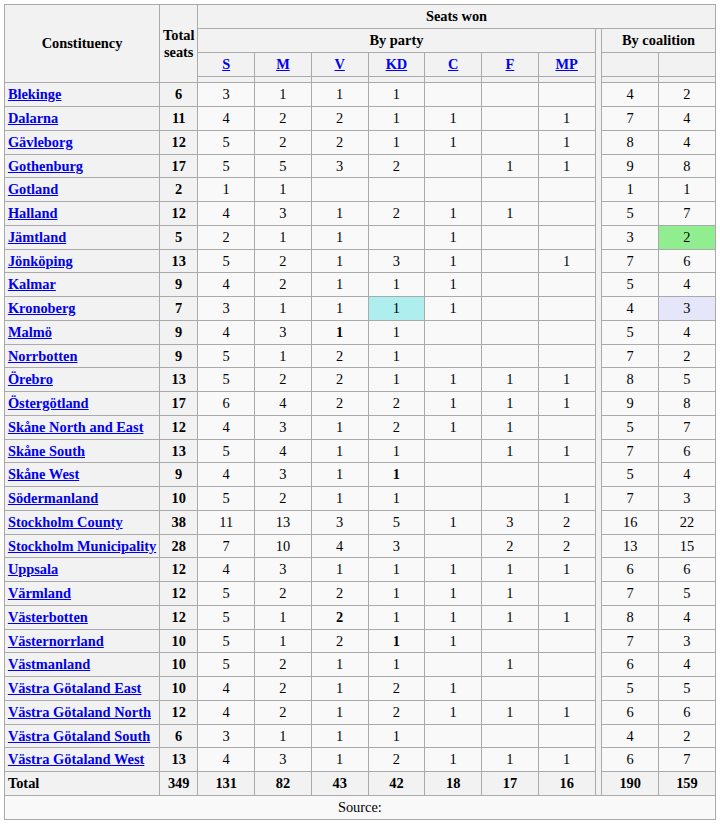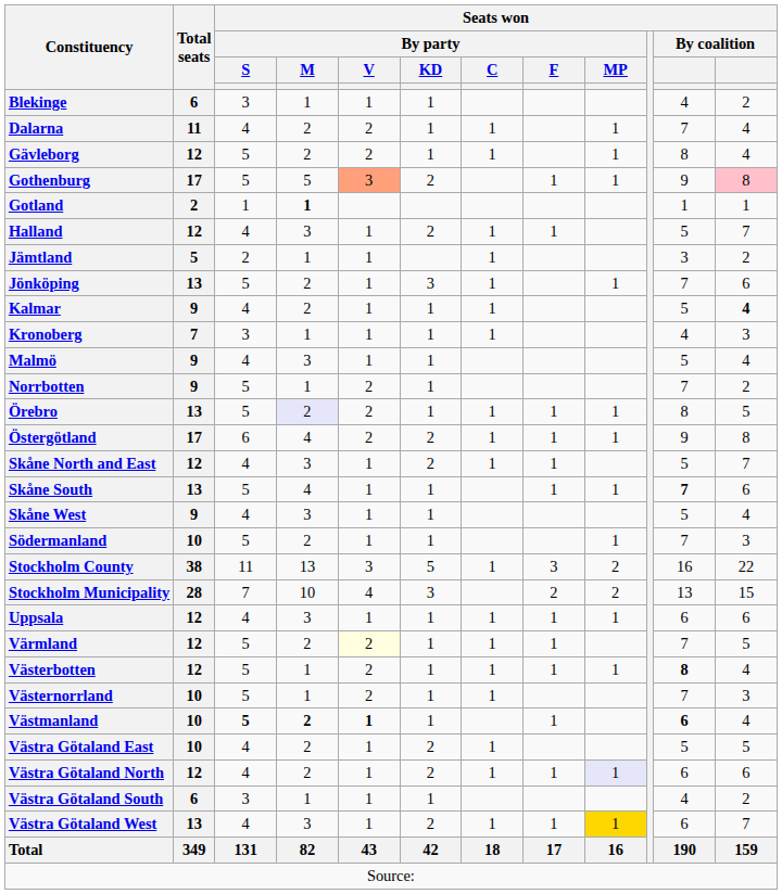 <table class="wikitable" style="text-align:center; font-size: 0.9em;">
 <tr>
 <th rowspan="4">Constituency</th>
 <th rowspan="4">Total<br>seats</th>
 <th colspan="10">Seats won</th>
 </tr>
 <tr>
 <th colspan="7">By party</th>
 <th rowspan="33"></th>
 <th colspan="2">By coalition</th>
 </tr>
 <tr>
 <th class="unsortable" style="width:50px;"><a href='#'>S</a></th>
 <th class="unsortable" style="width:50px;"><a href='#'>M</a></th>
 <th class="unsortable" style="width:50px;"><a href='#'>V</a></th>
 <th class="unsortable" style="width:50px;"><a href='#'>KD</a></th>
 <th class="unsortable" style="width:50px;"><a href='#'>C</a></th>
 <th class="unsortable" style="width:50px;"><a href='#'>F</a></th>
 <th class="unsortable" style="width:50px;"><a href='#'>MP</a></th>
 <th class="unsortable" style="width:50px;"></th>
 <th class="unsortable" style="width:50px;"></th>
 </tr>
 <tr>
 <th style="background:"></th>
 <th style="background:"></th>
 <th style="background:"></th>
 <th style="background:"></th>
 <th style="background:"></th>
 <th style="background:"></th>
 <th style="background:"></th>
 <th style="background:"></th>
 <th style="background:"></th>
 </tr>
 <tr>
 <th style="text-align: left;"><a href='#'>Blekinge</a></th>
 <th>6</th>
 <td>3</td>
 <td>1</td>
 <td>1</td>
 <td>1</td>
 <td></td>
 <td></td>
 <td></td>
 <td>4</td>
 <td>2</td>
 </tr>
 <tr>
 <th style="text-align: left;"><a href='#'>Dalarna</a></th>
 <th>11</th>
 <td>4</td>
 <td>2</td>
 <td>2</td>
 <td>1</td>
 <td>1</td>
 <td></td>
 <td>1</td>
 <td>7</td>
 <td>4</td>
 </tr>
 <tr>
 <th style="text-align: left;"><a href='#'>Gävleborg</a></th>
 <th>12</th>
 <td>5</td>
 <td>2</td>
 <td>2</td>
 <td>1</td>
 <td>1</td>
 <td></td>
 <td>1</td>
 <td>8</td>
 <td>4</td>
 </tr>
 <tr>
 <th style="text-align: left;"><a href='#'>Gothenburg</a></th>
 <th>17</th>
 <td>5</td>
 <td>5</td>
-<td>3</td>
+<td style="background: lightsalmon;">3</td>
 <td>2</td>
 <td></td>
 <td>1</td>
 <td>1</td>
 <td>9</td>
-<td>8</td>
+<td style="background: pink;">8</td>
 </tr>
 <tr>
 <th style="text-align: left;"><a href='#'>Gotland</a></th>
 <th>2</th>
 <td>1</td>
-<td>1</td>
+<td><strong>1</strong></td>
 <td></td>
 <td></td>
 <td></td>
 <td></td>
 <td></td>
 <td>1</td>
 <td>1</td>
 </tr>
 <tr>
 <th style="text-align: left;"><a href='#'>Halland</a></th>
 <th>12</th>
 <td>4</td>
 <td>3</td>
 <td>1</td>
 <td>2</td>
 <td>1</td>
 <td>1</td>
 <td></td>
 <td>5</td>
 <td>7</td>
 </tr>
 <tr>
 <th style="text-align: left;"><a href='#'>Jämtland</a></th>
 <th>5</th>
 <td>2</td>
 <td>1</td>
 <td>1</td>
 <td></td>
 <td>1</td>
 <td></td>
 <td></td>
 <td>3</td>
-<td style="background: lightgreen;">2</td>
+<td>2</td>
 </tr>
 <tr>
 <th style="text-align: left;"><a href='#'>Jönköping</a></th>
 <th>13</th>
 <td>5</td>
 <td>2</td>
 <td>1</td>
 <td>3</td>
 <td>1</td>
 <td></td>
 <td>1</td>
 <td>7</td>
 <td>6</td>
 </tr>
 <tr>
 <th style="text-align: left;"><a href='#'>Kalmar</a></th>
 <th>9</th>
 <td>4</td>
 <td>2</td>
 <td>1</td>
 <td>1</td>
 <td>1</td>
 <td></td>
 <td></td>
 <td>5</td>
-<td>4</td>
+<td><strong>4</strong></td>
 </tr>
 <tr>
 <th style="text-align: left;"><a href='#'>Kronoberg</a></th>
 <th>7</th>
 <td>3</td>
 <td>1</td>
 <td>1</td>
-<td style="background: paleturquoise;">1</td>
+<td>1</td>
 <td>1</td>
 <td></td>
 <td></td>
 <td>4</td>
-<td style="background: lavender;">3</td>
+<td>3</td>
 </tr>
 <tr>
 <th style="text-align: left;"><a href='#'>Malmö</a></th>
 <th>9</th>
 <td>4</td>
 <td>3</td>
-<td><strong>1</strong></td>
+<td>1</td>
 <td>1</td>
 <td></td>
 <td></td>
 <td></td>
 <td>5</td>
 <td>4</td>
 </tr>
 <tr>
 <th style="text-align: left;"><a href='#'>Norrbotten</a></th>
 <th>9</th>
 <td>5</td>
 <td>1</td>
 <td>2</td>
 <td>1</td>
 <td></td>
 <td></td>
 <td></td>
 <td>7</td>
 <td>2</td>
 </tr>
 <tr>
 <th style="text-align: left;"><a href='#'>Örebro</a></th>
 <th>13</th>
 <td>5</td>
-<td>2</td>
+<td style="background: lavender;">2</td>
 <td>2</td>
 <td>1</td>
 <td>1</td>
 <td>1</td>
 <td>1</td>
 <td>8</td>
 <td>5</td>
 </tr>
 <tr>
 <th style="text-align: left;"><a href='#'>Östergötland</a></th>
 <th>17</th>
 <td>6</td>
 <td>4</td>
 <td>2</td>
 <td>2</td>
 <td>1</td>
 <td>1</td>
 <td>1</td>
 <td>9</td>
 <td>8</td>
 </tr>
 <tr>
 <th style="text-align: left;"><a href='#'>Skåne North and East</a></th>
 <th>12</th>
 <td>4</td>
 <td>3</td>
 <td>1</td>
 <td>2</td>
 <td>1</td>
 <td>1</td>
 <td></td>
 <td>5</td>
 <td>7</td>
 </tr>
 <tr>
 <th style="text-align: left;"><a href='#'>Skåne South</a></th>
 <th>13</th>
 <td>5</td>
 <td>4</td>
 <td>1</td>
 <td>1</td>
 <td></td>
 <td>1</td>
 <td>1</td>
-<td>7</td>
+<td><strong>7</strong></td>
 <td>6</td>
 </tr>
 <tr>
 <th style="text-align: left;"><a href='#'>Skåne West</a></th>
 <th>9</th>
 <td>4</td>
 <td>3</td>
 <td>1</td>
-<td><strong>1</strong></td>
+<td>1</td>
 <td></td>
 <td></td>
 <td></td>
 <td>5</td>
 <td>4</td>
 </tr>
 <tr>
 <th style="text-align: left;"><a href='#'>Södermanland</a></th>
 <th>10</th>
 <td>5</td>
 <td>2</td>
 <td>1</td>
 <td>1</td>
 <td></td>
 <td></td>
 <td>1</td>
 <td>7</td>
 <td>3</td>
 </tr>
 <tr>
 <th style="text-align: left;"><a href='#'>Stockholm County</a></th>
 <th>38</th>
 <td>11</td>
 <td>13</td>
 <td>3</td>
 <td>5</td>
 <td>1</td>
 <td>3</td>
 <td>2</td>
 <td>16</td>
 <td>22</td>
 </tr>
 <tr>
 <th style="text-align: left;"><a href='#'>Stockholm Municipality</a></th>
 <th>28</th>
 <td>7</td>
 <td>10</td>
 <td>4</td>
 <td>3</td>
 <td></td>
 <td>2</td>
 <td>2</td>
 <td>13</td>
 <td>15</td>
 </tr>
 <tr>
 <th style="text-align: left;"><a href='#'>Uppsala</a></th>
 <th>12</th>
 <td>4</td>
 <td>3</td>
 <td>1</td>
 <td>1</td>
 <td>1</td>
 <td>1</td>
 <td>1</td>
 <td>6</td>
 <td>6</td>
 </tr>
 <tr>
 <th style="text-align: left;"><a href='#'>Värmland</a></th>
 <th>12</th>
 <td>5</td>
 <td>2</td>
-<td>2</td>
+<td style="background: lightyellow;">2</td>
 <td>1</td>
 <td>1</td>
 <td>1</td>
 <td></td>
 <td>7</td>
 <td>5</td>
 </tr>
 <tr>
 <th style="text-align: left;"><a href='#'>Västerbotten</a></th>
 <th>12</th>
 <td>5</td>
 <td>1</td>
-<td><strong>2</strong></td>
+<td>2</td>
 <td>1</td>
 <td>1</td>
 <td>1</td>
 <td>1</td>
-<td>8</td>
+<td><strong>8</strong></td>
 <td>4</td>
 </tr>
 <tr>
 <th style="text-align: left;"><a href='#'>Västernorrland</a></th>
 <th>10</th>
 <td>5</td>
 <td>1</td>
 <td>2</td>
-<td><strong>1</strong></td>
+<td>1</td>
 <td>1</td>
 <td></td>
 <td></td>
 <td>7</td>
 <td>3</td>
 </tr>
 <tr>
 <th style="text-align: left;"><a href='#'>Västmanland</a></th>
 <th>10</th>
-<td>5</td>
-<td>2</td>
-<td>1</td>
+<td><strong>5</strong></td>
+<td><strong>2</strong></td>
+<td><strong>1</strong></td>
 <td>1</td>
 <td></td>
 <td>1</td>
 <td></td>
-<td>6</td>
+<td><strong>6</strong></td>
 <td>4</td>
 </tr>
 <tr>
 <th style="text-align: left;"><a href='#'>Västra Götaland East</a></th>
 <th>10</th>
 <td>4</td>
 <td>2</td>
 <td>1</td>
 <td>2</td>
 <td>1</td>
 <td></td>
 <td></td>
 <td>5</td>
 <td>5</td>
 </tr>
 <tr>
 <th style="text-align: left;"><a href='#'>Västra Götaland North</a></th>
 <th>12</th>
 <td>4</td>
 <td>2</td>
 <td>1</td>
 <td>2</td>
 <td>1</td>
 <td>1</td>
-<td>1</td>
+<td style="background: lavender;">1</td>
 <td>6</td>
 <td>6</td>
 </tr>
 <tr>
 <th style="text-align: left;"><a href='#'>Västra Götaland South</a></th>
 <th>6</th>
 <td>3</td>
 <td>1</td>
 <td>1</td>
 <td>1</td>
 <td></td>
 <td></td>
 <td></td>
 <td>4</td>
 <td>2</td>
 </tr>
 <tr>
 <th style="text-align: left;"><a href='#'>Västra Götaland West</a></th>
 <th>13</th>
 <td>4</td>
 <td>3</td>
 <td>1</td>
 <td>2</td>
 <td>1</td>
 <td>1</td>
-<td>1</td>
+<td style="background: gold;">1</td>
 <td>6</td>
 <td>7</td>
 </tr>
 <tr>
 <th style="text-align: left;">Total</th>
 <th>349</th>
 <th>131</th>
 <th>82</th>
 <th>43</th>
 <th>42</th>
 <th>18</th>
 <th>17</th>
 <th>16</th>
 <th>190</th>
 <th>159</th>
 </tr>
 <tr>
 <td colspan="12">Source: </td>
 </tr>
 </table>
